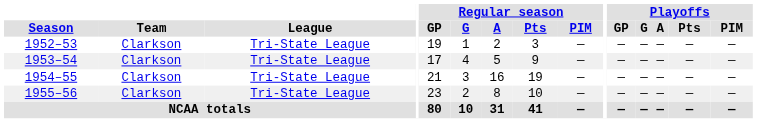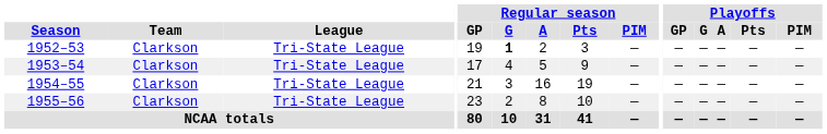 <table border="0" cellpadding="1" cellspacing="0" style="text-align:center; width:60em">
 <tr bgcolor="#e0e0e0">
 <th colspan="3" bgcolor="#ffffff"></th>
 <th rowspan="99" bgcolor="#ffffff"></th>
 <th colspan="5"><a href='#'>Regular season</a></th>
 <th rowspan="99" bgcolor="#ffffff"></th>
 <th colspan="5"><a href='#'>Playoffs</a></th>
 </tr>
 <tr bgcolor="#e0e0e0">
 <th><a href='#'>Season</a></th>
 <th>Team</th>
 <th>League</th>
 <th>GP</th>
 <th><a href='#'>G</a></th>
 <th><a href='#'>A</a></th>
 <th><a href='#'>Pts</a></th>
 <th><a href='#'>PIM</a></th>
 <th>GP</th>
 <th>G</th>
 <th>A</th>
 <th>Pts</th>
 <th>PIM</th>
 </tr>
 <tr>
 <td><a href='#'>1952–53</a></td>
 <td><a href='#'>Clarkson</a></td>
 <td><a href='#'>Tri-State League</a></td>
 <td>19</td>
-<td>1</td>
+<td><strong>1</strong></td>
 <td>2</td>
 <td>3</td>
 <td>—</td>
 <td>—</td>
 <td>—</td>
 <td>—</td>
 <td>—</td>
 <td>—</td>
 </tr>
 <tr bgcolor="f0f0f0">
 <td><a href='#'>1953–54</a></td>
 <td><a href='#'>Clarkson</a></td>
 <td><a href='#'>Tri-State League</a></td>
 <td>17</td>
 <td>4</td>
 <td>5</td>
 <td>9</td>
 <td>—</td>
 <td>—</td>
 <td>—</td>
 <td>—</td>
 <td>—</td>
 <td>—</td>
 </tr>
 <tr>
 <td><a href='#'>1954–55</a></td>
 <td><a href='#'>Clarkson</a></td>
 <td><a href='#'>Tri-State League</a></td>
 <td>21</td>
 <td>3</td>
 <td>16</td>
 <td>19</td>
 <td>—</td>
 <td>—</td>
 <td>—</td>
 <td>—</td>
 <td>—</td>
 <td>—</td>
 </tr>
 <tr bgcolor="f0f0f0">
 <td><a href='#'>1955–56</a></td>
 <td><a href='#'>Clarkson</a></td>
 <td><a href='#'>Tri-State League</a></td>
 <td>23</td>
 <td>2</td>
 <td>8</td>
 <td>10</td>
 <td>—</td>
 <td>—</td>
 <td>—</td>
 <td>—</td>
 <td>—</td>
 <td>—</td>
 </tr>
 <tr bgcolor="#e0e0e0">
 <th colspan="3">NCAA totals</th>
 <th>80</th>
 <th>10</th>
 <th>31</th>
 <th>41</th>
 <th>—</th>
 <th>—</th>
 <th>—</th>
 <th>—</th>
 <th>—</th>
 <th>—</th>
 </tr>
 </table>
